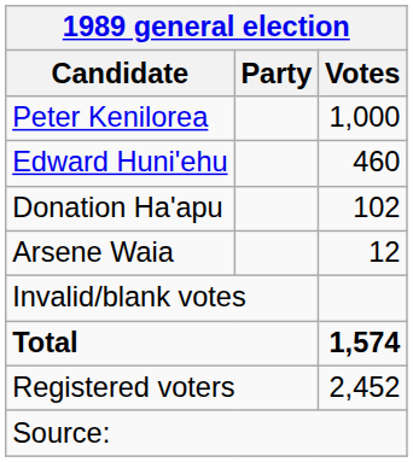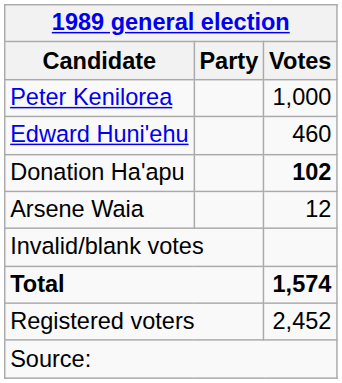 <table class=wikitable style=text-align:left>
 <tr>
 <th colspan=3><a href='#'>1989 general election</a></th>
 </tr>
 <tr>
 <th>Candidate</th>
 <th>Party</th>
 <th>Votes</th>
 </tr>
 <tr>
 <td><a href='#'>Peter Kenilorea</a></td>
 <td></td>
 <td align=right>1,000</td>
 </tr>
 <tr>
 <td><a href='#'>Edward Huni'ehu</a></td>
 <td></td>
 <td align=right>460</td>
 </tr>
 <tr>
 <td>Donation Ha'apu</td>
 <td></td>
-<td align=right>102</td>
+<td align=right><strong>102</strong></td>
 </tr>
 <tr>
 <td>Arsene Waia</td>
 <td></td>
 <td align=right>12</td>
 </tr>
 <tr>
 <td colspan=2>Invalid/blank votes</td>
 <td></td>
 </tr>
 <tr>
 <td colspan=2><strong>Total</strong></td>
 <td align=right><strong>1,574</strong></td>
 </tr>
 <tr>
 <td colspan=2>Registered voters</td>
 <td align=right>2,452</td>
 </tr>
 <tr>
 <td colspan=3>Source: </td>
 </tr>
 </table>
